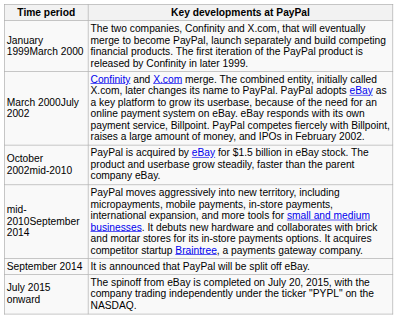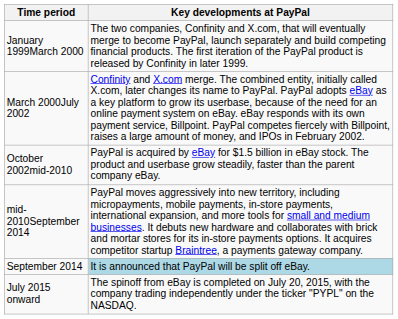 <table class="wikitable sortable">
 <tr>
 <th>Time period</th>
 <th>Key developments at PayPal</th>
 </tr>
 <tr>
 <td>January 1999March 2000</td>
 <td>The two companies, Confinity and X.com, that will eventually merge to become PayPal, launch separately and build competing financial products. The first iteration of the PayPal product is released by Confinity in later 1999.</td>
 </tr>
 <tr>
 <td>March 2000July 2002</td>
 <td><a href='#'>Confinity</a> and <a href='#'>X.com</a> merge. The combined entity, initially called X.com, later changes its name to PayPal. PayPal adopts <a href='#'>eBay</a> as a key platform to grow its userbase, because of the need for an online payment system on eBay. eBay responds with its own payment service, Billpoint. PayPal competes fiercely with Billpoint, raises a large amount of money, and IPOs in February 2002.</td>
 </tr>
 <tr>
 <td>October 2002mid-2010</td>
 <td>PayPal is acquired by <a href='#'>eBay</a> for $1.5 billion in eBay stock. The product and userbase grow steadily, faster than the parent company eBay.</td>
 </tr>
 <tr>
 <td>mid-2010September 2014</td>
 <td>PayPal moves aggressively into new territory, including micropayments, mobile payments, in-store payments, international expansion, and more tools for <a href='#'>small and medium businesses</a>. It debuts new hardware and collaborates with brick and mortar stores for its in-store payments options. It acquires competitor startup <a href='#'>Braintree</a>, a payments gateway company.</td>
 </tr>
 <tr>
 <td>September 2014</td>
-<td>It is announced that PayPal will be split off eBay.</td>
+<td style="background: lightblue;">It is announced that PayPal will be split off eBay.</td>
 </tr>
 <tr>
 <td>July 2015 onward</td>
 <td>The spinoff from eBay is completed on July 20, 2015, with the company trading independently under the ticker "PYPL" on the NASDAQ.</td>
 </tr>
 </table>
